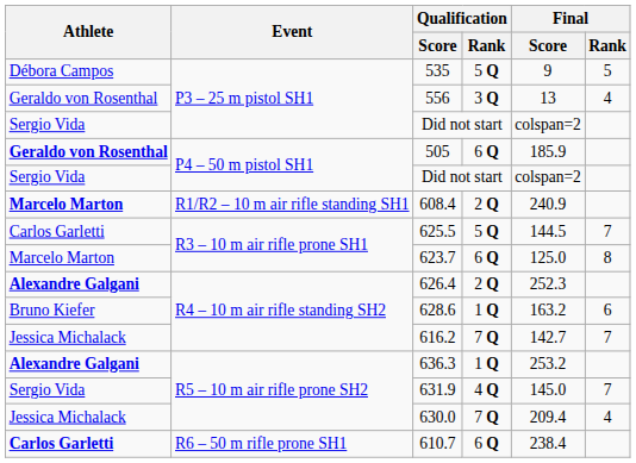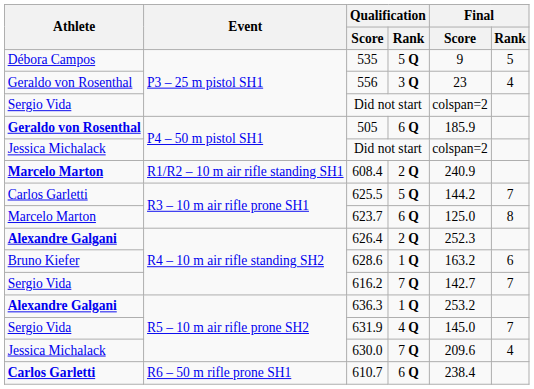 <table class=wikitable style="font-size:90%">
 <tr>
 <th rowspan="2">Athlete</th>
 <th rowspan="2">Event</th>
 <th colspan="2">Qualification</th>
 <th colspan="2">Final</th>
 </tr>
 <tr>
 <th>Score</th>
 <th>Rank</th>
 <th>Score</th>
 <th>Rank</th>
 </tr>
 <tr align=center>
 <td align=left><a href='#'>Débora Campos</a></td>
 <td align=left rowspan=3><a href='#'>P3 – 25 m pistol SH1</a></td>
 <td>535</td>
 <td>5 <strong>Q</strong></td>
 <td>9</td>
 <td>5</td>
 </tr>
 <tr align=center>
 <td align=left><a href='#'>Geraldo von Rosenthal</a></td>
 <td>556</td>
 <td>3 <strong>Q</strong></td>
-<td>13</td>
+<td>23</td>
 <td>4</td>
 </tr>
 <tr align=center>
 <td align=left><a href='#'>Sergio Vida</a></td>
 <td colspan=2>Did not start</td>
 <td>colspan=2 </td>
 </tr>
 <tr align=center>
 <td align=left><strong><a href='#'>Geraldo von Rosenthal</a></strong></td>
 <td align=left rowspan=2><a href='#'>P4 – 50 m pistol SH1</a></td>
 <td>505</td>
 <td>6 <strong>Q</strong></td>
 <td>185.9</td>
 <td></td>
 </tr>
 <tr align=center>
-<td align=left><a href='#'>Sergio Vida</a></td>
+<td align=left><a href='#'>Jessica Michalack</a></td>
 <td colspan=2>Did not start</td>
 <td>colspan=2 </td>
 </tr>
 <tr align=center>
 <td align=left><strong><a href='#'>Marcelo Marton</a></strong></td>
 <td align=left><a href='#'>R1/R2 – 10 m air rifle standing SH1</a></td>
 <td>608.4</td>
 <td>2 <strong>Q</strong></td>
 <td>240.9</td>
 <td></td>
 </tr>
 <tr align=center>
 <td align=left><a href='#'>Carlos Garletti</a></td>
 <td align=left rowspan=2><a href='#'>R3 – 10 m air rifle prone SH1</a></td>
 <td>625.5</td>
 <td>5 <strong>Q</strong></td>
-<td>144.5</td>
+<td>144.2</td>
 <td>7</td>
 </tr>
 <tr align=center>
 <td align=left><a href='#'>Marcelo Marton</a></td>
 <td>623.7</td>
 <td>6 <strong>Q</strong></td>
 <td>125.0</td>
 <td>8</td>
 </tr>
 <tr align=center>
 <td align=left><strong><a href='#'>Alexandre Galgani</a></strong></td>
 <td align=left rowspan=3><a href='#'>R4 – 10 m air rifle standing SH2</a></td>
 <td>626.4</td>
 <td>2 <strong>Q</strong></td>
 <td>252.3</td>
 <td></td>
 </tr>
 <tr align=center>
 <td align=left><a href='#'>Bruno Kiefer</a></td>
 <td>628.6</td>
 <td>1 <strong>Q</strong></td>
 <td>163.2</td>
 <td>6</td>
 </tr>
 <tr align=center>
-<td align=left><a href='#'>Jessica Michalack</a></td>
+<td align=left><a href='#'>Sergio Vida</a></td>
 <td>616.2</td>
 <td>7 <strong>Q</strong></td>
 <td>142.7</td>
 <td>7</td>
 </tr>
 <tr align=center>
 <td align=left><strong><a href='#'>Alexandre Galgani</a></strong></td>
 <td align=left rowspan=3><a href='#'>R5 – 10 m air rifle prone SH2</a></td>
 <td>636.3</td>
 <td>1 <strong>Q</strong></td>
 <td>253.2</td>
 <td></td>
 </tr>
 <tr align=center>
 <td align=left><a href='#'>Sergio Vida</a></td>
 <td>631.9</td>
 <td>4 <strong>Q</strong></td>
 <td>145.0</td>
 <td>7</td>
 </tr>
 <tr align=center>
 <td align=left><a href='#'>Jessica Michalack</a></td>
 <td>630.0</td>
 <td>7 <strong>Q</strong></td>
-<td>209.4</td>
+<td>209.6</td>
 <td>4</td>
 </tr>
 <tr align=center>
 <td align=left><strong><a href='#'>Carlos Garletti</a></strong></td>
 <td align=left><a href='#'>R6 – 50 m rifle prone SH1</a></td>
 <td>610.7</td>
 <td>6 <strong>Q</strong></td>
 <td>238.4</td>
 <td></td>
 </tr>
 </table>
